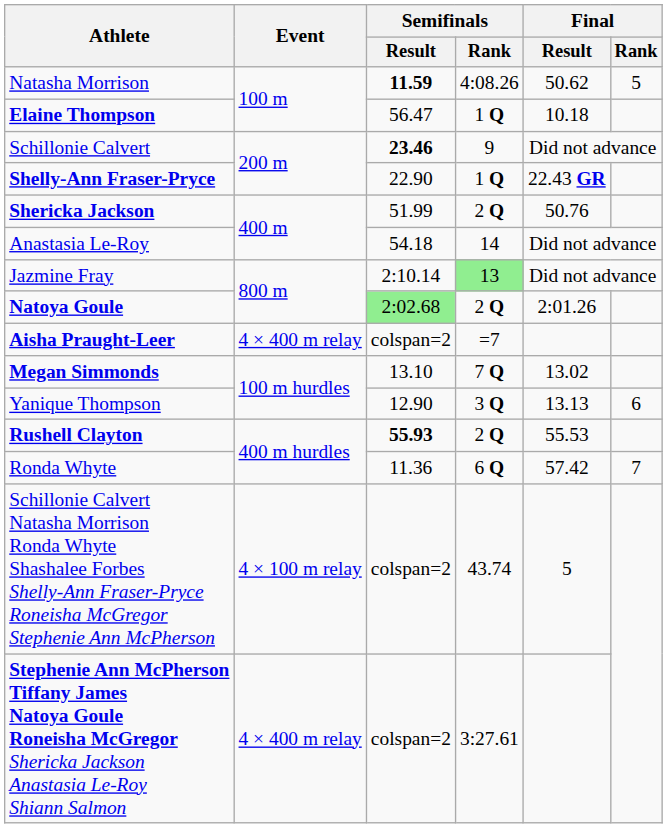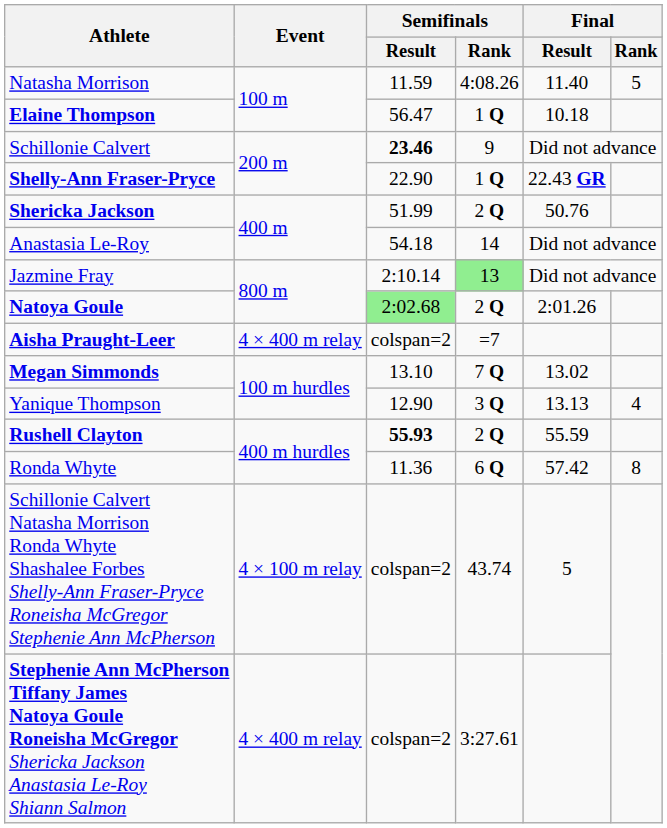 <table class=wikitable style="font-size:90%">
 <tr>
 <th rowspan="2">Athlete</th>
 <th rowspan="2">Event</th>
 <th colspan="2">Semifinals</th>
 <th colspan="2">Final</th>
 </tr>
 <tr style="font-size:95%">
 <th>Result</th>
 <th>Rank</th>
 <th>Result</th>
 <th>Rank</th>
 </tr>
 <tr align=center>
 <td align=left><a href='#'>Natasha Morrison</a></td>
 <td align=left rowspan=2><a href='#'>100 m</a></td>
-<td><strong>11.59</strong></td>
+<td>11.59</td>
 <td>4:08.26</td>
-<td>50.62</td>
+<td>11.40</td>
 <td>5</td>
 </tr>
 <tr align=center>
 <td align=left><strong><a href='#'>Elaine Thompson</a></strong></td>
 <td>56.47</td>
 <td>1 <strong>Q</strong></td>
 <td>10.18</td>
 <td></td>
 </tr>
 <tr align=center>
 <td align=left><a href='#'>Schillonie Calvert</a></td>
 <td align=left rowspan=2><a href='#'>200 m</a></td>
 <td><strong>23.46</strong></td>
 <td>9</td>
 <td colspan=2>Did not advance</td>
 </tr>
 <tr align=center>
 <td align=left><strong><a href='#'>Shelly-Ann Fraser-Pryce</a></strong></td>
 <td>22.90</td>
 <td>1 <strong>Q</strong></td>
 <td>22.43 <strong><a href='#'>GR</a></strong></td>
 <td></td>
 </tr>
 <tr align=center>
 <td align=left><strong><a href='#'>Shericka Jackson</a></strong></td>
 <td align=left rowspan=2><a href='#'>400 m</a></td>
 <td>51.99</td>
 <td>2 <strong>Q</strong></td>
 <td>50.76</td>
 <td></td>
 </tr>
 <tr align=center>
 <td align=left><a href='#'>Anastasia Le-Roy</a></td>
 <td>54.18</td>
 <td>14</td>
 <td colspan=2>Did not advance</td>
 </tr>
 <tr align=center>
 <td align=left><a href='#'>Jazmine Fray</a></td>
 <td align=left rowspan=2><a href='#'>800 m</a></td>
 <td>2:10.14</td>
 <td style="background: lightgreen;">13</td>
 <td colspan=2>Did not advance</td>
 </tr>
 <tr align=center>
 <td align=left><strong><a href='#'>Natoya Goule</a></strong></td>
 <td style="background: lightgreen;">2:02.68</td>
 <td>2 <strong>Q</strong></td>
 <td>2:01.26</td>
 <td></td>
 </tr>
 <tr align=center>
 <td align=left><strong><a href='#'>Aisha Praught-Leer</a></strong></td>
 <td align=left><a href='#'>4 × 400 m relay</a></td>
 <td>colspan=2 </td>
 <td>=7</td>
 <td></td>
 </tr>
 <tr align=center>
 <td align=left><strong><a href='#'>Megan Simmonds</a></strong></td>
 <td align=left rowspan=2><a href='#'>100 m hurdles</a></td>
 <td>13.10</td>
 <td>7 <strong>Q</strong></td>
 <td>13.02</td>
 <td></td>
 </tr>
 <tr align=center>
 <td align=left><a href='#'>Yanique Thompson</a></td>
 <td>12.90</td>
 <td>3 <strong>Q</strong></td>
 <td>13.13</td>
-<td>6</td>
+<td>4</td>
 </tr>
 <tr align=center>
 <td align=left><strong><a href='#'>Rushell Clayton</a></strong></td>
 <td align=left rowspan=2><a href='#'>400 m hurdles</a></td>
 <td><strong>55.93</strong></td>
 <td>2 <strong>Q</strong></td>
-<td>55.53</td>
+<td>55.59</td>
 <td></td>
 </tr>
 <tr align=center>
 <td align=left><a href='#'>Ronda Whyte</a></td>
 <td>11.36</td>
 <td>6 <strong>Q</strong></td>
 <td>57.42</td>
-<td>7</td>
+<td>8</td>
 </tr>
 <tr align=center>
 <td align=left><a href='#'>Schillonie Calvert</a><br><a href='#'>Natasha Morrison</a><br><a href='#'>Ronda Whyte</a><br><a href='#'>Shashalee Forbes</a><br><em><a href='#'>Shelly-Ann Fraser-Pryce</a><br><a href='#'>Roneisha McGregor</a><br><a href='#'>Stephenie Ann McPherson</a></em></td>
 <td align=left><a href='#'>4 × 100 m relay</a></td>
 <td>colspan=2 </td>
 <td>43.74</td>
 <td>5</td>
 </tr>
 <tr align=center>
 <td align=left><strong><a href='#'>Stephenie Ann McPherson</a><br><a href='#'>Tiffany James</a><br><a href='#'>Natoya Goule</a><br><a href='#'>Roneisha McGregor</a></strong><br><em><a href='#'>Shericka Jackson</a><br><a href='#'>Anastasia Le-Roy</a><br><a href='#'>Shiann Salmon</a></em></td>
 <td align=left><a href='#'>4 × 400 m relay</a></td>
 <td>colspan=2 </td>
 <td>3:27.61</td>
 <td></td>
 </tr>
 </table>
